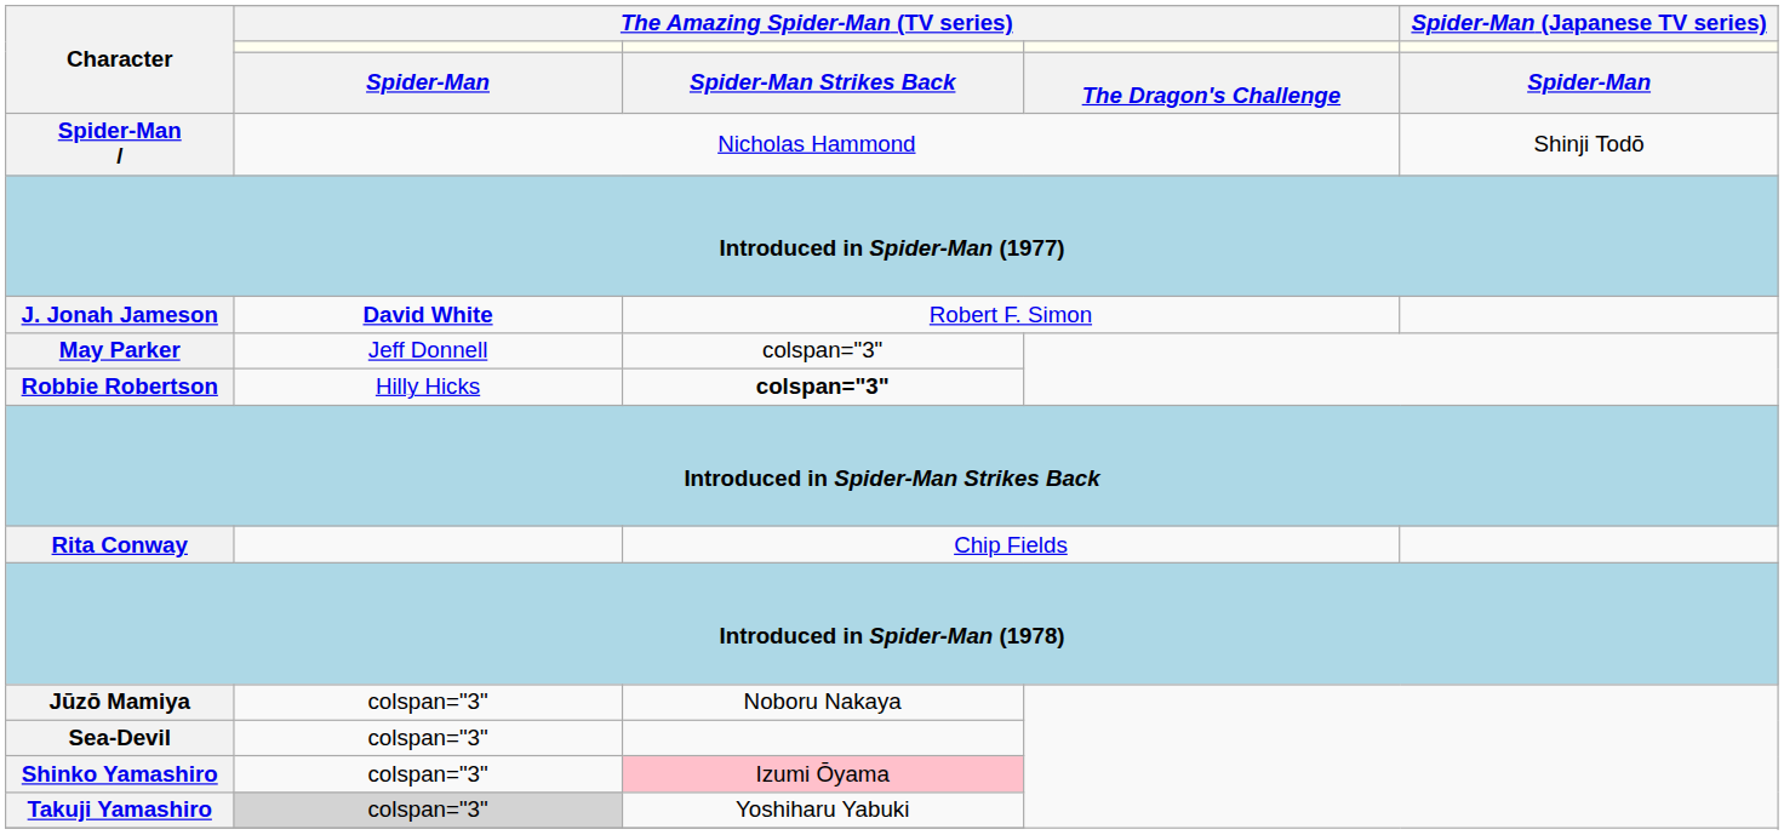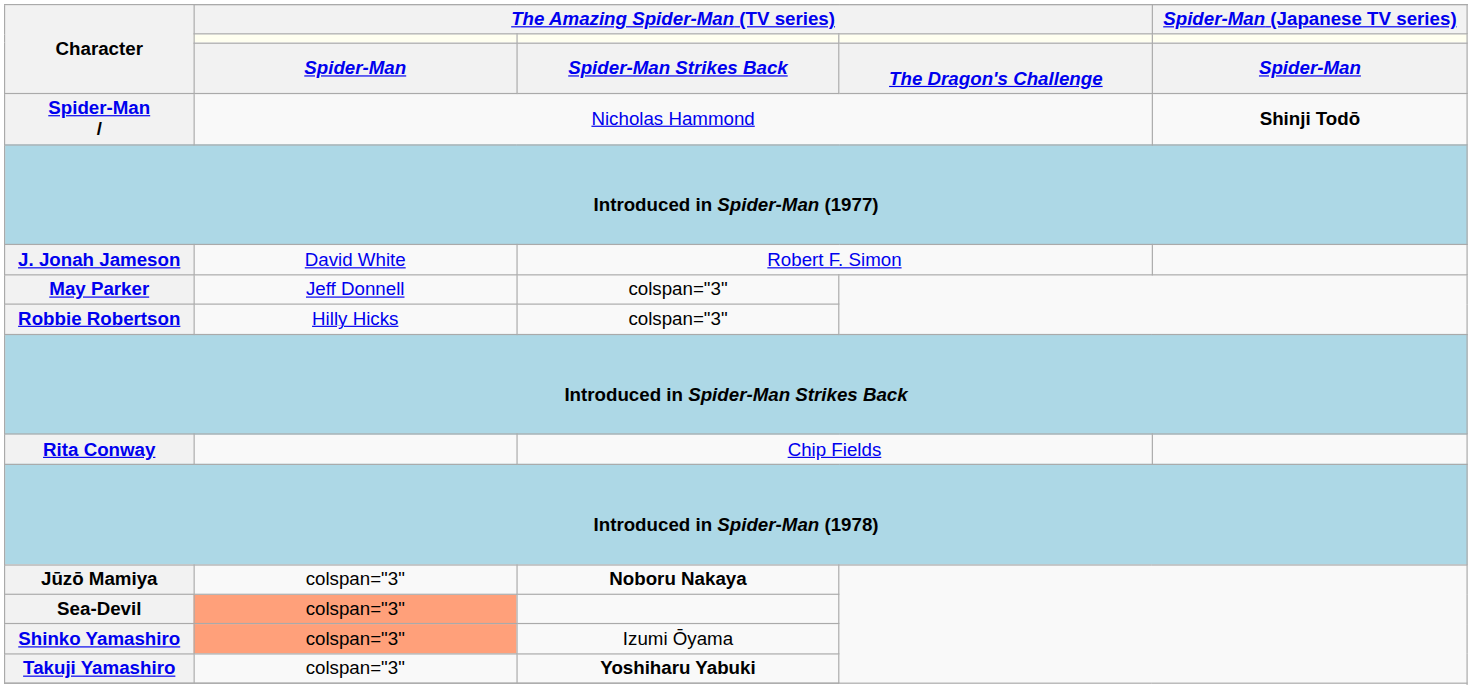 <table class="wikitable" style="text-align:center; width:99%;">
 <tr>
 <th rowspan="4" width="2%">Character</th>
 </tr>
 <tr>
 <th colspan="3" align="center"><a href='#'><em>The Amazing Spider-Man</em> (TV series)</a></th>
 <th colspan="1" align="center"><a href='#'><em>Spider-Man</em> (Japanese TV series)</a></th>
 </tr>
 <tr>
 <th style="background:ivory;"></th>
 <th style="background:ivory;"></th>
 <th style="background:ivory;"></th>
 <th style="background:ivory;"></th>
 </tr>
 <tr>
 <th align="center" width="5%"><a href='#'><em>Spider-Man</em></a></th>
 <th align="center" width="5%"><em><a href='#'>Spider-Man Strikes Back</a></em></th>
 <th align="center" width="5%"><a href='#'><em><br>The Dragon's Challenge</em></a></th>
 <th align="center" width="5%"><a href='#'><em>Spider-Man</em></a></th>
 </tr>
 <tr>
 <th scope="row"><a href='#'>Spider-Man<br></a> / </th>
 <td colspan="3"><a href='#'>Nicholas Hammond</a></td>
-<td>Shinji Todō</td>
+<td><strong>Shinji Todō</strong></td>
 </tr>
 <tr>
 <th colspan="5" style="background:lightblue;"><br><h4>Introduced in <em>Spider-Man</em> (1977)</h4></th>
 </tr>
 <tr>
 <th scope="row"><a href='#'>J. Jonah Jameson</a></th>
-<td><strong><a href='#'>David White</a></strong></td>
+<td><a href='#'>David White</a></td>
 <td colspan="2"><a href='#'>Robert F. Simon</a></td>
 <td></td>
 </tr>
 <tr>
 <th scope="row"><a href='#'>May Parker</a></th>
 <td><a href='#'>Jeff Donnell</a></td>
 <td>colspan="3" </td>
 </tr>
 <tr>
 <th scope="row"><a href='#'>Robbie Robertson</a></th>
 <td><a href='#'>Hilly Hicks</a></td>
-<td><strong>colspan="3" </strong></td>
+<td>colspan="3" </td>
 </tr>
 <tr>
 <th colspan="5" style="background:lightblue;"><br><h4>Introduced in <em>Spider-Man Strikes Back</em></h4></th>
 </tr>
 <tr>
 <th scope="row"><a href='#'>Rita Conway</a></th>
 <td></td>
 <td colspan="2"><a href='#'>Chip Fields</a></td>
 <td></td>
 </tr>
 <tr>
 <th colspan="5" style="background:lightblue;"><br><h4>Introduced in <em>Spider-Man</em> (1978)</h4></th>
 </tr>
 <tr>
 <th scope="row">Jūzō Mamiya</th>
 <td>colspan="3" </td>
-<td>Noboru Nakaya</td>
+<td><strong>Noboru Nakaya</strong></td>
 </tr>
 <tr>
 <th scope="row">Sea-Devil</th>
-<td>colspan="3" </td>
+<td style="background: lightsalmon;">colspan="3" </td>
 <td></td>
 </tr>
 <tr>
 <th scope="row"><a href='#'>Shinko Yamashiro</a></th>
-<td>colspan="3" </td>
-<td style="background: pink;">Izumi Ōyama</td>
+<td style="background: lightsalmon;">colspan="3" </td>
+<td>Izumi Ōyama</td>
 </tr>
 <tr>
 <th scope="row"><a href='#'>Takuji Yamashiro</a></th>
-<td style="background: lightgrey;">colspan="3" </td>
-<td>Yoshiharu Yabuki</td>
+<td>colspan="3" </td>
+<td><strong>Yoshiharu Yabuki</strong></td>
 </tr>
 <tr>
 </tr>
 </table>
